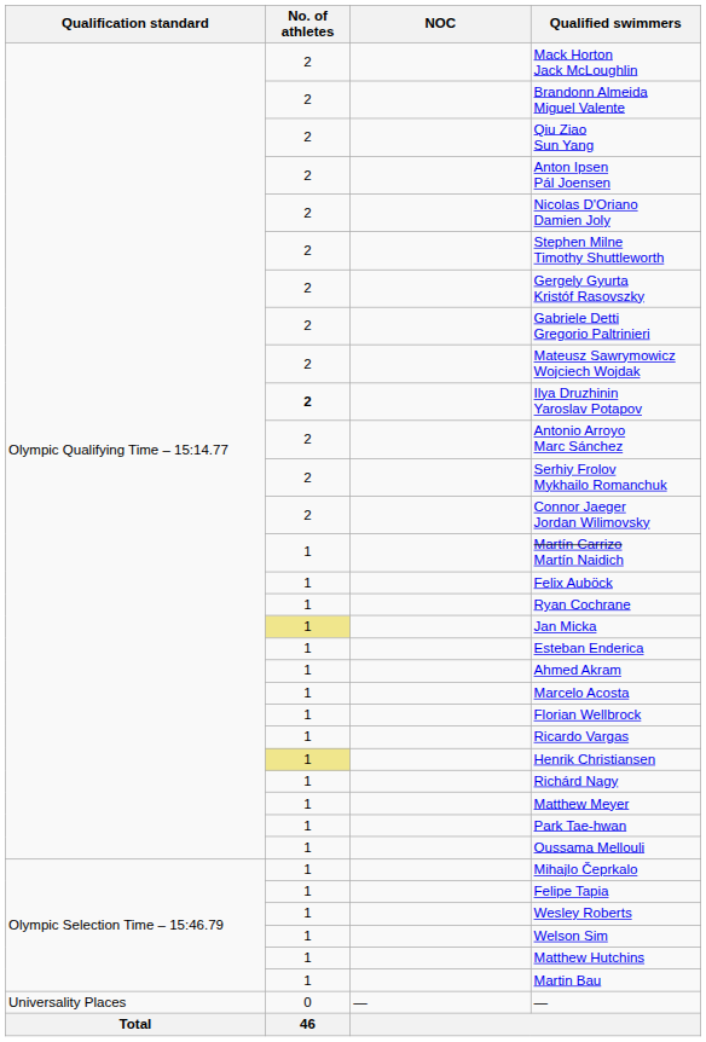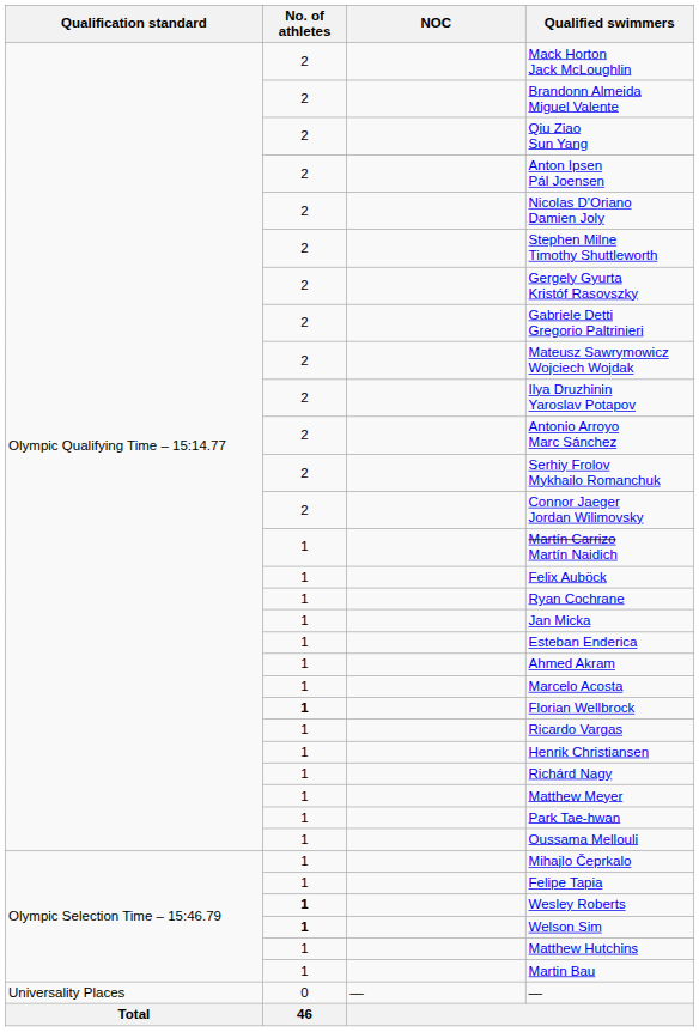 <table class=wikitable style="text-align:left" width=800>
 <tr>
 <th>Qualification standard</th>
 <th width=90>No. of athletes</th>
 <th width=200>NOC</th>
 <th>Qualified swimmers</th>
 </tr>
 <tr>
 <td rowspan=27>Olympic Qualifying Time – 15:14.77</td>
 <td align=center>2</td>
 <td></td>
 <td><a href='#'>Mack Horton</a><br><a href='#'>Jack McLoughlin</a></td>
 </tr>
 <tr>
 <td align=center>2</td>
 <td></td>
 <td><a href='#'>Brandonn Almeida</a><br><a href='#'>Miguel Valente</a></td>
 </tr>
 <tr>
 <td align=center>2</td>
 <td></td>
 <td><a href='#'>Qiu Ziao</a><br><a href='#'>Sun Yang</a></td>
 </tr>
 <tr>
 <td align=center>2</td>
 <td></td>
 <td><a href='#'>Anton Ipsen</a><br><a href='#'>Pál Joensen</a></td>
 </tr>
 <tr>
 <td align=center>2</td>
 <td></td>
 <td><a href='#'>Nicolas D'Oriano</a><br><a href='#'>Damien Joly</a></td>
 </tr>
 <tr>
 <td align=center>2</td>
 <td></td>
 <td><a href='#'>Stephen Milne</a><br><a href='#'>Timothy Shuttleworth</a></td>
 </tr>
 <tr>
 <td align=center>2</td>
 <td></td>
 <td><a href='#'>Gergely Gyurta</a><br><a href='#'>Kristóf Rasovszky</a></td>
 </tr>
 <tr>
 <td align=center>2</td>
 <td></td>
 <td><a href='#'>Gabriele Detti</a><br><a href='#'>Gregorio Paltrinieri</a></td>
 </tr>
 <tr>
 <td align=center>2</td>
 <td></td>
 <td><a href='#'>Mateusz Sawrymowicz</a><br><a href='#'>Wojciech Wojdak</a></td>
 </tr>
 <tr>
-<td align=center><strong>2</strong></td>
+<td align=center>2</td>
 <td></td>
 <td><a href='#'>Ilya Druzhinin</a><br><a href='#'>Yaroslav Potapov</a></td>
 </tr>
 <tr>
 <td align=center>2</td>
 <td></td>
 <td><a href='#'>Antonio Arroyo</a><br><a href='#'>Marc Sánchez</a></td>
 </tr>
 <tr>
 <td align=center>2</td>
 <td></td>
 <td><a href='#'>Serhiy Frolov</a><br><a href='#'>Mykhailo Romanchuk</a></td>
 </tr>
 <tr>
 <td align=center>2</td>
 <td></td>
 <td><a href='#'>Connor Jaeger</a><br><a href='#'>Jordan Wilimovsky</a></td>
 </tr>
 <tr>
 <td align=center>1</td>
 <td></td>
 <td><s><a href='#'>Martín Carrizo</a></s><br><a href='#'>Martín Naidich</a></td>
 </tr>
 <tr>
 <td align=center>1</td>
 <td></td>
 <td><a href='#'>Felix Auböck</a></td>
 </tr>
 <tr>
 <td align=center>1</td>
 <td></td>
 <td><a href='#'>Ryan Cochrane</a></td>
 </tr>
 <tr>
-<td align=center style="background: khaki;">1</td>
+<td align=center>1</td>
 <td></td>
 <td><a href='#'>Jan Micka</a></td>
 </tr>
 <tr>
 <td align=center>1</td>
 <td></td>
 <td><a href='#'>Esteban Enderica</a></td>
 </tr>
 <tr>
 <td align=center>1</td>
 <td></td>
 <td><a href='#'>Ahmed Akram</a></td>
 </tr>
 <tr>
 <td align=center>1</td>
 <td></td>
 <td><a href='#'>Marcelo Acosta</a></td>
 </tr>
 <tr>
-<td align=center>1</td>
+<td align=center><strong>1</strong></td>
 <td></td>
 <td><a href='#'>Florian Wellbrock</a></td>
 </tr>
 <tr>
 <td align=center>1</td>
 <td></td>
 <td><a href='#'>Ricardo Vargas</a></td>
 </tr>
 <tr>
-<td align=center style="background: khaki;">1</td>
+<td align=center>1</td>
 <td></td>
 <td><a href='#'>Henrik Christiansen</a></td>
 </tr>
 <tr>
 <td align=center>1</td>
 <td></td>
 <td><a href='#'>Richárd Nagy</a></td>
 </tr>
 <tr>
 <td align=center>1</td>
 <td></td>
 <td><a href='#'>Matthew Meyer</a></td>
 </tr>
 <tr>
 <td align=center>1</td>
 <td></td>
 <td><a href='#'>Park Tae-hwan</a></td>
 </tr>
 <tr>
 <td align=center>1</td>
 <td></td>
 <td><a href='#'>Oussama Mellouli</a></td>
 </tr>
 <tr>
 <td rowspan=6>Olympic Selection Time – 15:46.79</td>
 <td align=center>1</td>
 <td></td>
 <td><a href='#'>Mihajlo Čeprkalo</a></td>
 </tr>
 <tr>
 <td align=center>1</td>
 <td></td>
 <td><a href='#'>Felipe Tapia</a></td>
 </tr>
 <tr>
-<td align=center>1</td>
+<td align=center><strong>1</strong></td>
 <td></td>
 <td><a href='#'>Wesley Roberts</a></td>
 </tr>
 <tr>
-<td align=center>1</td>
+<td align=center><strong>1</strong></td>
 <td></td>
 <td><a href='#'>Welson Sim</a></td>
 </tr>
 <tr>
 <td align=center>1</td>
 <td></td>
 <td><a href='#'>Matthew Hutchins</a></td>
 </tr>
 <tr>
 <td align=center>1</td>
 <td></td>
 <td><a href='#'>Martin Bau</a></td>
 </tr>
 <tr>
 <td>Universality Places</td>
 <td align=center>0</td>
 <td>—</td>
 <td>—</td>
 </tr>
 <tr>
 <th><strong>Total</strong></th>
 <th>46</th>
 <th colspan=2></th>
 </tr>
 </table>
